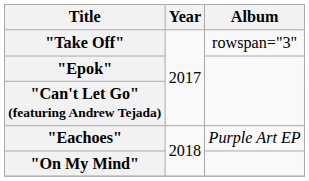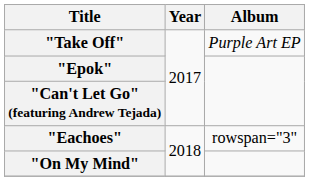 <table class="wikitable plainrowheaders" style="text-align:center;">
 <tr>
 <th scope="col">Title</th>
 <th scope="col">Year</th>
 <th scope="col">Album</th>
 </tr>
 <tr>
 <th scope="row">"Take Off"</th>
 <td rowspan="3">2017</td>
-<td>rowspan="3" </td>
+<td><em>Purple Art EP</em></td>
 </tr>
 <tr>
 <th scope="row">"Epok"</th>
 </tr>
 <tr>
 <th scope="row">"Can't Let Go"<br><small>(featuring Andrew Tejada)</small></th>
 </tr>
 <tr>
 <th scope="row">"Eachoes"</th>
 <td rowspan="2">2018</td>
-<td><em>Purple Art EP</em></td>
+<td>rowspan="3" </td>
 </tr>
 <tr>
 <th scope="row">"On My Mind"</th>
 <td></td>
 </tr>
 <tr>
 </tr>
 </table>
